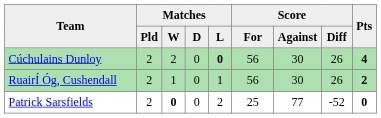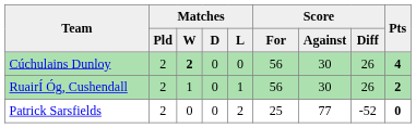 <table style=border-collapse:collapse border=1 cellspacing=0 cellpadding=5>
 <tr align=center bgcolor=#efefef>
 <th rowspan=2 width=165>Team</th>
 <th colspan=4>Matches</th>
 <th colspan=3>Score</th>
 <th rowspan=2width=20>Pts</th>
 </tr>
 <tr align=center bgcolor=#efefef>
 <th width=20>Pld</th>
 <th width=20>W</th>
 <th width=20>D</th>
 <th width=20>L</th>
 <th width=45>For</th>
 <th width=45>Against</th>
 <th width=30>Diff</th>
 </tr>
 <tr align=center  style="background:#ACE1AF;">
 <td style="text-align:left;"><a href='#'>Cúchulains Dunloy</a></td>
 <td>2</td>
-<td>2</td>
+<td><strong>2</strong></td>
 <td>0</td>
-<td><strong>0</strong></td>
+<td>0</td>
 <td>56</td>
 <td>30</td>
 <td>26</td>
 <td><strong>4</strong></td>
 </tr>
 <tr align=center  style="background:#ACE1AF;">
 <td style="text-align:left;"><a href='#'>RuairÍ Óg, Cushendall</a></td>
 <td>2</td>
 <td>1</td>
 <td>0</td>
 <td>1</td>
 <td>56</td>
 <td>30</td>
 <td>26</td>
 <td><strong>2</strong></td>
 </tr>
 <tr align=center>
 <td style="text-align:left;"><a href='#'>Patrick Sarsfields</a></td>
 <td>2</td>
-<td><strong>0</strong></td>
+<td>0</td>
 <td>0</td>
 <td>2</td>
 <td>25</td>
 <td>77</td>
 <td>-52</td>
 <td><strong>0</strong></td>
 </tr>
 </table>
